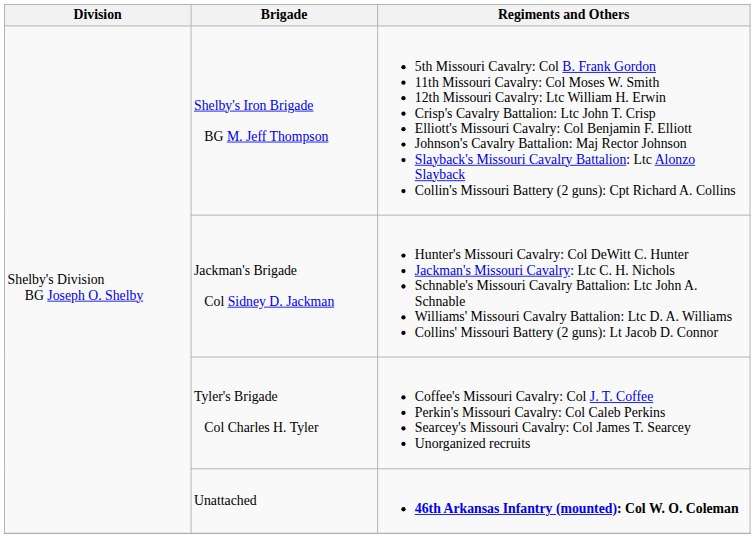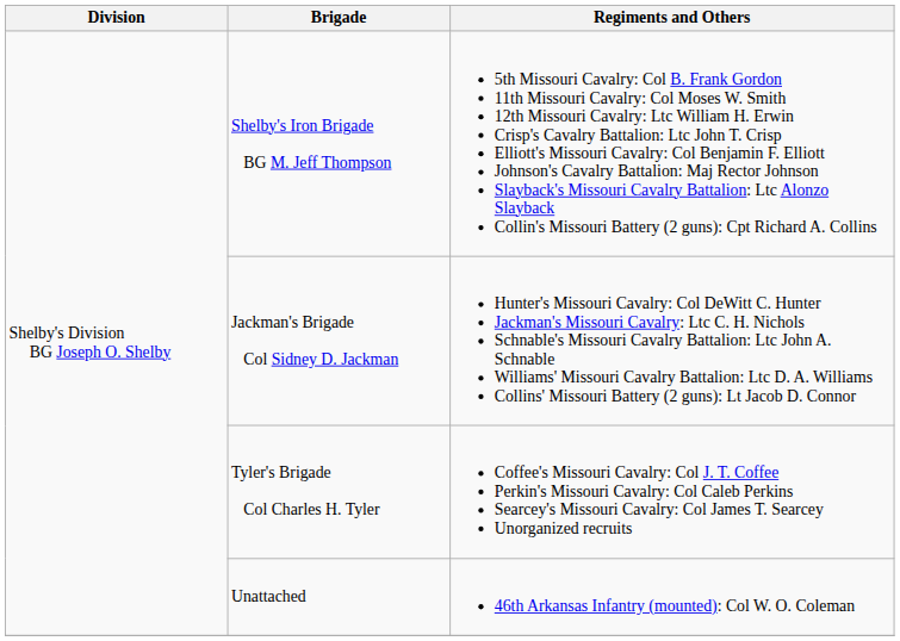 <table class="wikitable">
 <tr>
 <th width=25%>Division</th>
 <th width=25%>Brigade</th>
 <th>Regiments and Others</th>
 </tr>
 <tr>
 <td rowspan=4><br>Shelby's Division <br>     BG <a href='#'>Joseph O. Shelby</a></td>
 <td><a href='#'>Shelby's Iron Brigade</a><br><br>   BG <a href='#'>M. Jeff Thompson</a></td>
 <td><br><ul><li>5th Missouri Cavalry: Col <a href='#'>B. Frank Gordon</a></li><li>11th Missouri Cavalry: Col Moses W. Smith</li><li>12th Missouri Cavalry: Ltc William H. Erwin</li><li>Crisp's Cavalry Battalion: Ltc John T. Crisp</li><li>Elliott's Missouri Cavalry: Col Benjamin F. Elliott</li><li>Johnson's Cavalry Battalion: Maj Rector Johnson</li><li><a href='#'>Slayback's Missouri Cavalry Battalion</a>: Ltc <a href='#'>Alonzo Slayback</a></li><li>Collin's Missouri Battery (2 guns): Cpt Richard A. Collins</li></ul></td>
 </tr>
 <tr>
 <td>Jackman's Brigade<br><br>   Col <a href='#'>Sidney D. Jackman</a></td>
 <td><br><ul><li>Hunter's Missouri Cavalry: Col DeWitt C. Hunter</li><li><a href='#'>Jackman's Missouri Cavalry</a>: Ltc C. H. Nichols</li><li>Schnable's Missouri Cavalry Battalion: Ltc John A. Schnable</li><li>Williams' Missouri Cavalry Battalion: Ltc D. A. Williams</li><li>Collins' Missouri Battery (2 guns): Lt Jacob D. Connor</li></ul></td>
 </tr>
 <tr>
 <td>Tyler's Brigade<br><br>   Col Charles H. Tyler</td>
 <td><br><ul><li>Coffee's Missouri Cavalry: Col <a href='#'>J. T. Coffee</a></li><li>Perkin's Missouri Cavalry: Col Caleb Perkins</li><li>Searcey's Missouri Cavalry: Col James T. Searcey</li><li>Unorganized recruits</li></ul></td>
 </tr>
 <tr>
 <td>Unattached</td>
-<td><strong><br><ul><li><a href='#'>46th Arkansas Infantry (mounted)</a>: Col W. O. Coleman</li></ul></strong></td>
+<td><br><ul><li><a href='#'>46th Arkansas Infantry (mounted)</a>: Col W. O. Coleman</li></ul></td>
 </tr>
 <tr>
 </tr>
 </table>
